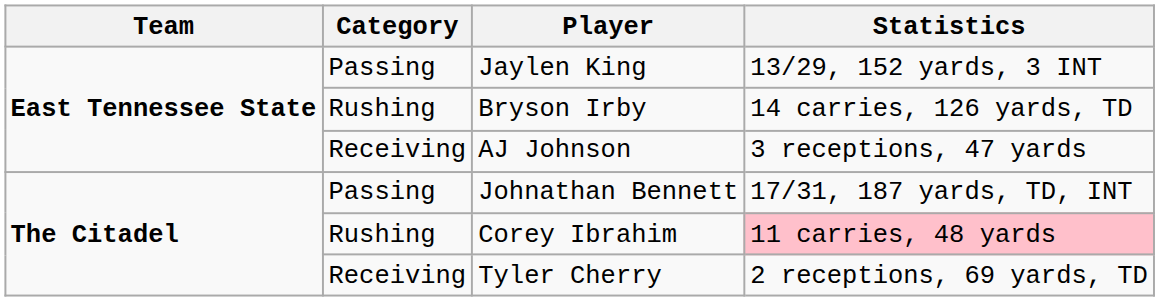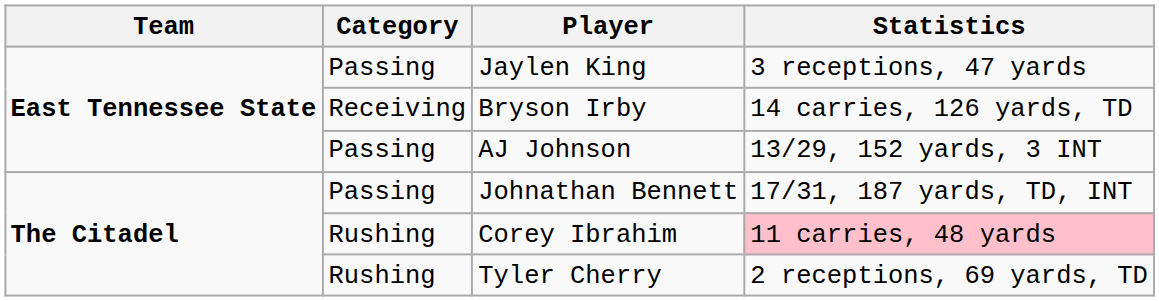 <table class="wikitable" style="float: right;">
 <tr>
 <th>Team</th>
 <th>Category</th>
 <th>Player</th>
 <th>Statistics</th>
 </tr>
 <tr>
 <td rowspan=3><strong>East Tennessee State</strong></td>
 <td>Passing</td>
 <td>Jaylen King</td>
-<td>13/29, 152 yards, 3 INT</td>
+<td>3 receptions, 47 yards</td>
 </tr>
 <tr>
-<td>Rushing</td>
+<td>Receiving</td>
 <td>Bryson Irby</td>
 <td>14 carries, 126 yards, TD</td>
 </tr>
 <tr>
-<td>Receiving</td>
+<td>Passing</td>
 <td>AJ Johnson</td>
-<td>3 receptions, 47 yards</td>
+<td>13/29, 152 yards, 3 INT</td>
 </tr>
 <tr>
 <td rowspan=3><strong>The Citadel</strong></td>
 <td>Passing</td>
 <td>Johnathan Bennett</td>
 <td>17/31, 187 yards, TD, INT</td>
 </tr>
 <tr>
 <td>Rushing</td>
 <td>Corey Ibrahim</td>
 <td style="background: pink;">11 carries, 48 yards</td>
 </tr>
 <tr>
-<td>Receiving</td>
+<td>Rushing</td>
 <td>Tyler Cherry</td>
 <td>2 receptions, 69 yards, TD</td>
 </tr>
 </table>
